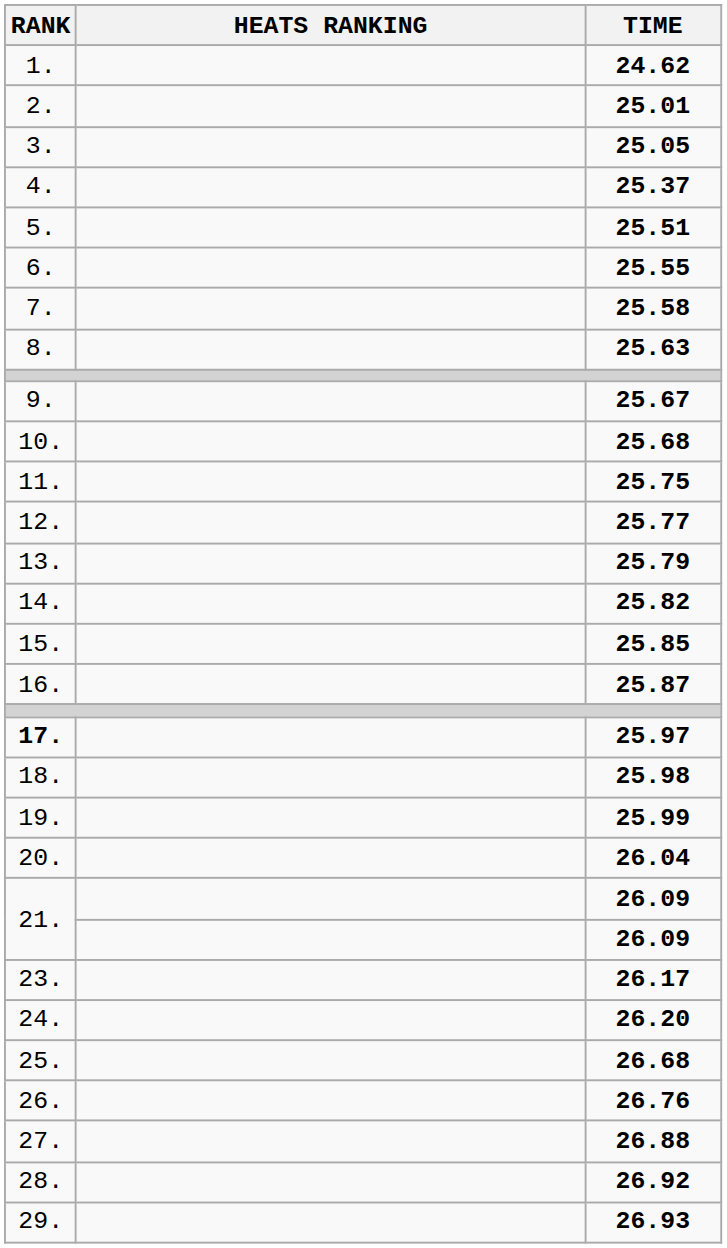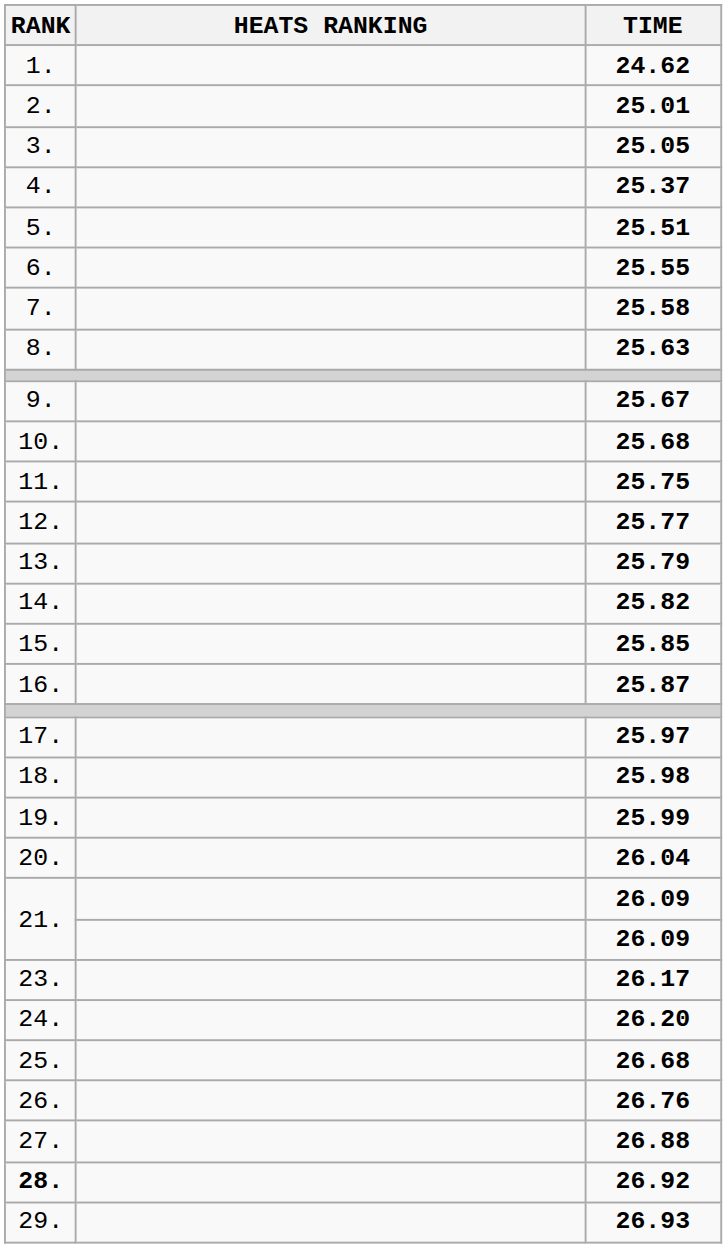 <table class="wikitable">
 <tr>
 <th>RANK</th>
 <th style="width: 20em">HEATS RANKING</th>
 <th style="width: 5em">TIME</th>
 </tr>
 <tr>
 <td align="center">1.</td>
 <td></td>
 <td align="center"><strong>24.62</strong></td>
 </tr>
 <tr>
 <td align="center">2.</td>
 <td></td>
 <td align="center"><strong>25.01</strong></td>
 </tr>
 <tr>
 <td align="center">3.</td>
 <td></td>
 <td align="center"><strong>25.05</strong></td>
 </tr>
 <tr>
 <td align="center">4.</td>
 <td></td>
 <td align="center"><strong>25.37</strong></td>
 </tr>
 <tr>
 <td align="center">5.</td>
 <td></td>
 <td align="center"><strong>25.51</strong></td>
 </tr>
 <tr>
 <td align="center">6.</td>
 <td></td>
 <td align="center"><strong>25.55</strong></td>
 </tr>
 <tr>
 <td align="center">7.</td>
 <td></td>
 <td align="center"><strong>25.58</strong></td>
 </tr>
 <tr>
 <td align="center">8.</td>
 <td></td>
 <td align="center"><strong>25.63</strong></td>
 </tr>
 <tr>
 <td colspan=3 bgcolor=lightgray></td>
 </tr>
 <tr>
 <td align="center">9.</td>
 <td></td>
 <td align="center"><strong>25.67</strong></td>
 </tr>
 <tr>
 <td align="center">10.</td>
 <td></td>
 <td align="center"><strong>25.68</strong></td>
 </tr>
 <tr>
 <td align="center">11.</td>
 <td></td>
 <td align="center"><strong>25.75</strong></td>
 </tr>
 <tr>
 <td align="center">12.</td>
 <td></td>
 <td align="center"><strong>25.77</strong></td>
 </tr>
 <tr>
 <td align="center">13.</td>
 <td></td>
 <td align="center"><strong>25.79</strong></td>
 </tr>
 <tr>
 <td align="center">14.</td>
 <td></td>
 <td align="center"><strong>25.82</strong></td>
 </tr>
 <tr>
 <td align="center">15.</td>
 <td></td>
 <td align="center"><strong>25.85</strong></td>
 </tr>
 <tr>
 <td align="center">16.</td>
 <td></td>
 <td align="center"><strong>25.87</strong></td>
 </tr>
 <tr>
 <td colspan=3 bgcolor=lightgray></td>
 </tr>
 <tr>
-<td align="center"><strong>17.</strong></td>
+<td align="center">17.</td>
 <td></td>
 <td align="center"><strong>25.97</strong></td>
 </tr>
 <tr>
 <td align="center">18.</td>
 <td></td>
 <td align="center"><strong>25.98</strong></td>
 </tr>
 <tr>
 <td align="center">19.</td>
 <td></td>
 <td align="center"><strong>25.99</strong></td>
 </tr>
 <tr>
 <td align="center">20.</td>
 <td></td>
 <td align="center"><strong>26.04</strong></td>
 </tr>
 <tr>
 <td rowspan=2 align="center">21.</td>
 <td></td>
 <td align="center"><strong>26.09</strong></td>
 </tr>
 <tr>
 <td></td>
 <td align="center"><strong>26.09</strong></td>
 </tr>
 <tr>
 <td align="center">23.</td>
 <td></td>
 <td align="center"><strong>26.17</strong></td>
 </tr>
 <tr>
 <td align="center">24.</td>
 <td></td>
 <td align="center"><strong>26.20</strong></td>
 </tr>
 <tr>
 <td align="center">25.</td>
 <td></td>
 <td align="center"><strong>26.68</strong></td>
 </tr>
 <tr>
 <td align="center">26.</td>
 <td></td>
 <td align="center"><strong>26.76</strong></td>
 </tr>
 <tr>
 <td align="center">27.</td>
 <td></td>
 <td align="center"><strong>26.88</strong></td>
 </tr>
 <tr>
-<td align="center">28.</td>
+<td align="center"><strong>28.</strong></td>
 <td></td>
 <td align="center"><strong>26.92</strong></td>
 </tr>
 <tr>
 <td align="center">29.</td>
 <td></td>
 <td align="center"><strong>26.93</strong></td>
 </tr>
 </table>
